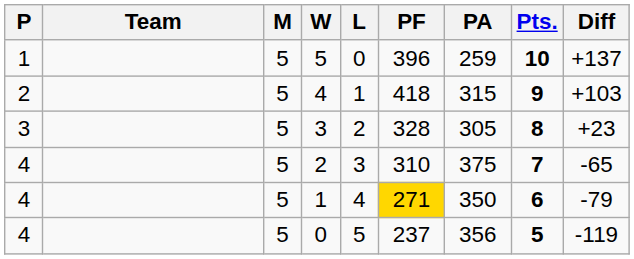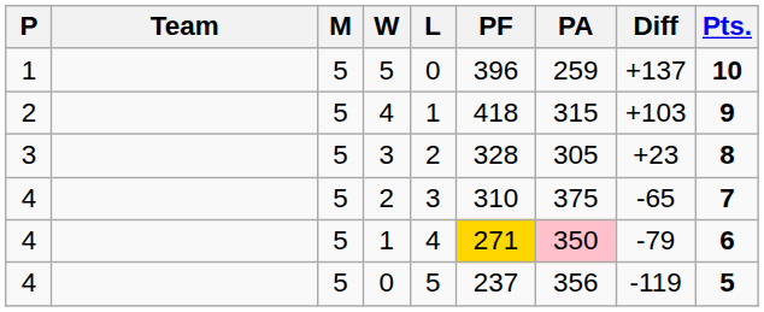 <table class=wikitable>
 <tr align=center>
 <th width=20px>P</th>
 <th width=150px>Team</th>
 <th width=20px>M</th>
 <th width=20px>W</th>
 <th width=20px>L</th>
 <th width=40px>PF</th>
 <th width=40px>PA</th>
+<th width=40px>Diff</th>
 <th width=30px><a href='#'>Pts.</a></th>
-<th width=40px>Diff</th>
 </tr>
 <tr align=center>
 <td>1</td>
 <td align=left></td>
 <td>5</td>
 <td>5</td>
 <td>0</td>
 <td>396</td>
 <td>259</td>
+<td>+137</td>
 <td><strong>10</strong></td>
-<td>+137</td>
 </tr>
 <tr align=center>
 <td>2</td>
 <td align=left></td>
 <td>5</td>
 <td>4</td>
 <td>1</td>
 <td>418</td>
 <td>315</td>
+<td>+103</td>
 <td><strong>9</strong></td>
-<td>+103</td>
 </tr>
 <tr align=center>
 <td>3</td>
 <td align=left></td>
 <td>5</td>
 <td>3</td>
 <td>2</td>
 <td>328</td>
 <td>305</td>
+<td>+23</td>
 <td><strong>8</strong></td>
-<td>+23</td>
 </tr>
 <tr align=center>
 <td>4</td>
 <td align=left></td>
 <td>5</td>
 <td>2</td>
 <td>3</td>
 <td>310</td>
 <td>375</td>
+<td>-65</td>
 <td><strong>7</strong></td>
-<td>-65</td>
 </tr>
 <tr align=center>
 <td>4</td>
 <td align=left></td>
 <td>5</td>
 <td>1</td>
 <td>4</td>
 <td style="background: gold;">271</td>
-<td>350</td>
+<td style="background: pink;">350</td>
+<td>-79</td>
 <td><strong>6</strong></td>
-<td>-79</td>
 </tr>
 <tr align=center>
 <td>4</td>
 <td align=left></td>
 <td>5</td>
 <td>0</td>
 <td>5</td>
 <td>237</td>
 <td>356</td>
+<td>-119</td>
 <td><strong>5</strong></td>
-<td>-119</td>
 </tr>
 </table>
